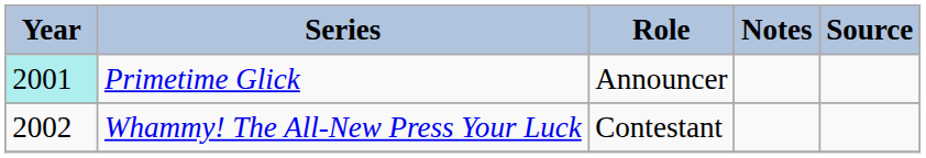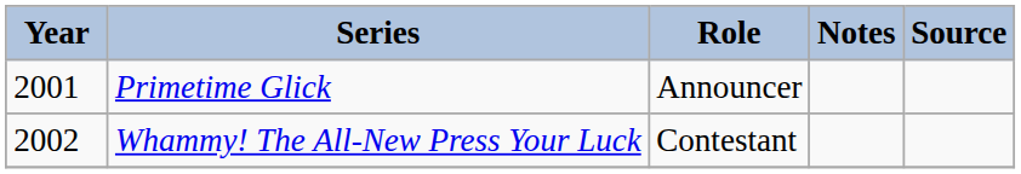 <table class="wikitable sortable plainrowheaders" style="width=95%;  font-size: 95%;">
 <tr>
 <th style="background:#b0c4de; width:40px;">Year </th>
 <th style="background:#b0c4de;">Series</th>
 <th style="background:#b0c4de;">Role</th>
 <th style="background:#b0c4de;" class="unsortable">Notes</th>
 <th style="background:#b0c4de;" class="unsortable">Source</th>
 </tr>
 <tr>
-<td style="background: paleturquoise;">2001</td>
+<td>2001</td>
 <td><em><a href='#'>Primetime Glick</a></em></td>
 <td>Announcer</td>
 <td> </td>
 <td> </td>
 </tr>
 <tr>
 <td>2002</td>
 <td><em><a href='#'>Whammy! The All-New Press Your Luck</a></em></td>
 <td>Contestant</td>
 <td> </td>
 <td></td>
 </tr>
 <tr>
 </tr>
 </table>
